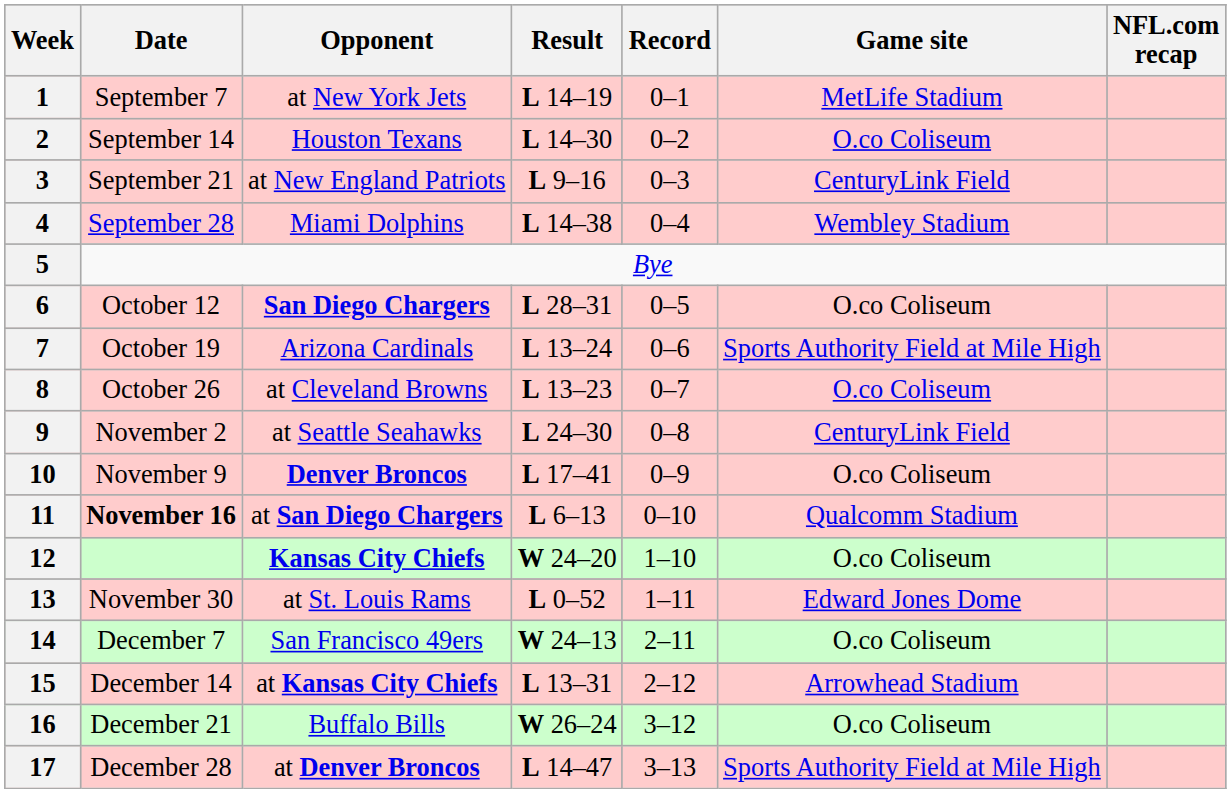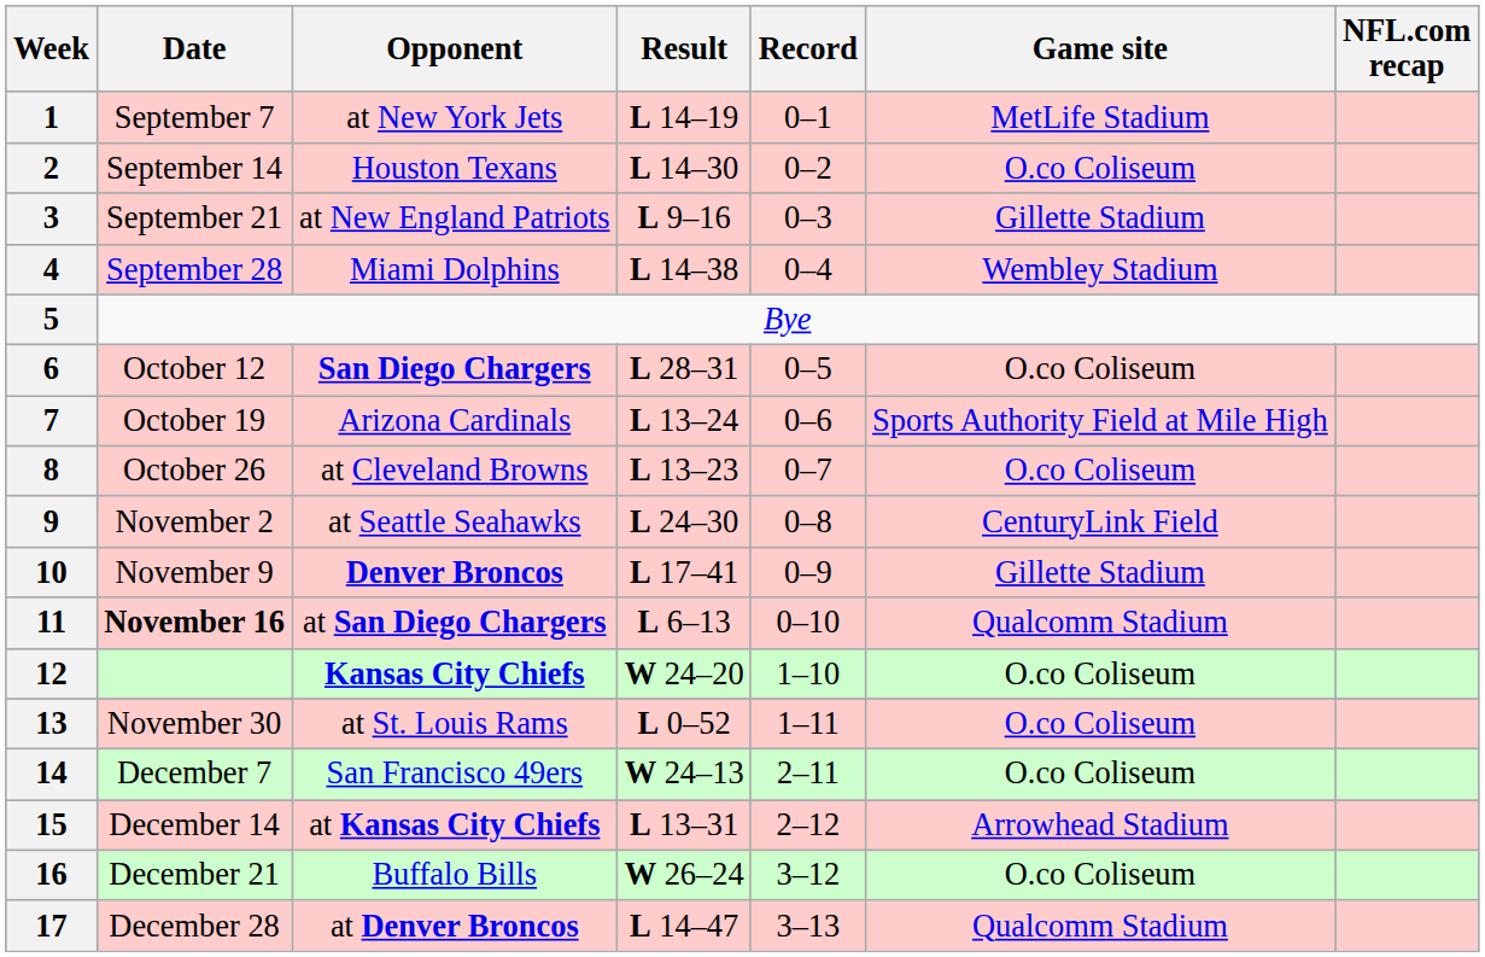 <table class="wikitable" style="text-align:center">
 <tr>
 <th>Week</th>
 <th>Date</th>
 <th>Opponent</th>
 <th>Result</th>
 <th>Record</th>
 <th>Game site</th>
 <th>NFL.com<br>recap</th>
 </tr>
 <tr style="background:#fcc; text-align:center;">
 <th>1</th>
 <td>September 7</td>
 <td>at <a href='#'>New York Jets</a></td>
 <td><strong>L</strong> 14–19</td>
 <td>0–1</td>
 <td><a href='#'>MetLife Stadium</a></td>
 <td></td>
 </tr>
 <tr style="background:#fcc; text-align:center;">
 <th>2</th>
 <td>September 14</td>
 <td><a href='#'>Houston Texans</a></td>
 <td><strong>L</strong> 14–30</td>
 <td>0–2</td>
 <td><a href='#'>O.co Coliseum</a></td>
 <td></td>
 </tr>
 <tr style="background:#fcc; text-align:center;">
 <th>3</th>
 <td>September 21</td>
 <td>at <a href='#'>New England Patriots</a></td>
 <td><strong>L</strong> 9–16</td>
 <td>0–3</td>
-<td><a href='#'>CenturyLink Field</a></td>
+<td><a href='#'>Gillette Stadium</a></td>
 <td></td>
 </tr>
 <tr style="background:#fcc; text-align:center;">
 <th>4</th>
 <td><a href='#'>September 28</a></td>
 <td><a href='#'>Miami Dolphins</a></td>
 <td><strong>L</strong> 14–38</td>
 <td>0–4</td>
 <td><a href='#'>Wembley Stadium</a> </td>
 <td></td>
 </tr>
 <tr>
 <th>5</th>
 <td colspan="6" style="text-align:center;"><em><a href='#'>Bye</a></em></td>
 </tr>
 <tr style="background:#fcc; text-align:center;">
 <th>6</th>
 <td>October 12</td>
 <td><strong><a href='#'>San Diego Chargers</a></strong></td>
 <td><strong>L</strong> 28–31</td>
 <td>0–5</td>
 <td>O.co Coliseum</td>
 <td></td>
 </tr>
 <tr style="background:#fcc; text-align:center;">
 <th>7</th>
 <td>October 19</td>
 <td><a href='#'>Arizona Cardinals</a></td>
 <td><strong>L</strong> 13–24</td>
 <td>0–6</td>
 <td><a href='#'>Sports Authority Field at Mile High</a></td>
 <td></td>
 </tr>
 <tr style="background:#fcc; text-align:center;">
 <th>8</th>
 <td>October 26</td>
 <td>at <a href='#'>Cleveland Browns</a></td>
 <td><strong>L</strong> 13–23</td>
 <td>0–7</td>
 <td><a href='#'>O.co Coliseum</a></td>
 <td></td>
 </tr>
 <tr style="background:#fcc; text-align:center;">
 <th>9</th>
 <td>November 2</td>
 <td>at <a href='#'>Seattle Seahawks</a></td>
 <td><strong>L</strong> 24–30</td>
 <td>0–8</td>
 <td><a href='#'>CenturyLink Field</a></td>
 <td></td>
 </tr>
 <tr style="background:#fcc; text-align:center;">
 <th>10</th>
 <td>November 9</td>
 <td><strong><a href='#'>Denver Broncos</a></strong></td>
 <td><strong>L</strong> 17–41</td>
 <td>0–9</td>
-<td>O.co Coliseum</td>
+<td><a href='#'>Gillette Stadium</a></td>
 <td></td>
 </tr>
 <tr style="background:#fcc; text-align:center;">
 <th>11</th>
 <td><strong>November 16</strong></td>
 <td>at <strong><a href='#'>San Diego Chargers</a></strong></td>
 <td><strong>L</strong> 6–13</td>
 <td>0–10</td>
 <td><a href='#'>Qualcomm Stadium</a></td>
 <td></td>
 </tr>
 <tr style="background:#cfc; text-align:center;">
 <th>12</th>
 <td></td>
 <td><strong><a href='#'>Kansas City Chiefs</a></strong></td>
 <td><strong>W</strong> 24–20</td>
 <td>1–10</td>
 <td>O.co Coliseum</td>
 <td></td>
 </tr>
 <tr style="background:#fcc; text-align:center;">
 <th>13</th>
 <td>November 30</td>
 <td>at <a href='#'>St. Louis Rams</a></td>
 <td><strong>L</strong> 0–52</td>
 <td>1–11</td>
-<td><a href='#'>Edward Jones Dome</a></td>
+<td><a href='#'>O.co Coliseum</a></td>
 <td></td>
 </tr>
 <tr style="background:#cfc; text-align:center;">
 <th>14</th>
 <td>December 7</td>
 <td><a href='#'>San Francisco 49ers</a></td>
 <td><strong>W</strong> 24–13</td>
 <td>2–11</td>
 <td>O.co Coliseum</td>
 <td></td>
 </tr>
 <tr style="background:#fcc; text-align:center;">
 <th>15</th>
 <td>December 14</td>
 <td>at <strong><a href='#'>Kansas City Chiefs</a></strong></td>
 <td><strong>L</strong> 13–31</td>
 <td>2–12</td>
 <td><a href='#'>Arrowhead Stadium</a></td>
 <td></td>
 </tr>
 <tr style="background:#cfc; text-align:center;">
 <th>16</th>
 <td>December 21</td>
 <td><a href='#'>Buffalo Bills</a></td>
 <td><strong>W</strong> 26–24</td>
 <td>3–12</td>
 <td>O.co Coliseum</td>
 <td></td>
 </tr>
 <tr style="background:#fcc; text-align:center;">
 <th>17</th>
 <td>December 28</td>
 <td>at <strong><a href='#'>Denver Broncos</a></strong></td>
 <td><strong>L</strong> 14–47</td>
 <td>3–13</td>
-<td><a href='#'>Sports Authority Field at Mile High</a></td>
+<td><a href='#'>Qualcomm Stadium</a></td>
 <td></td>
 </tr>
 </table>
